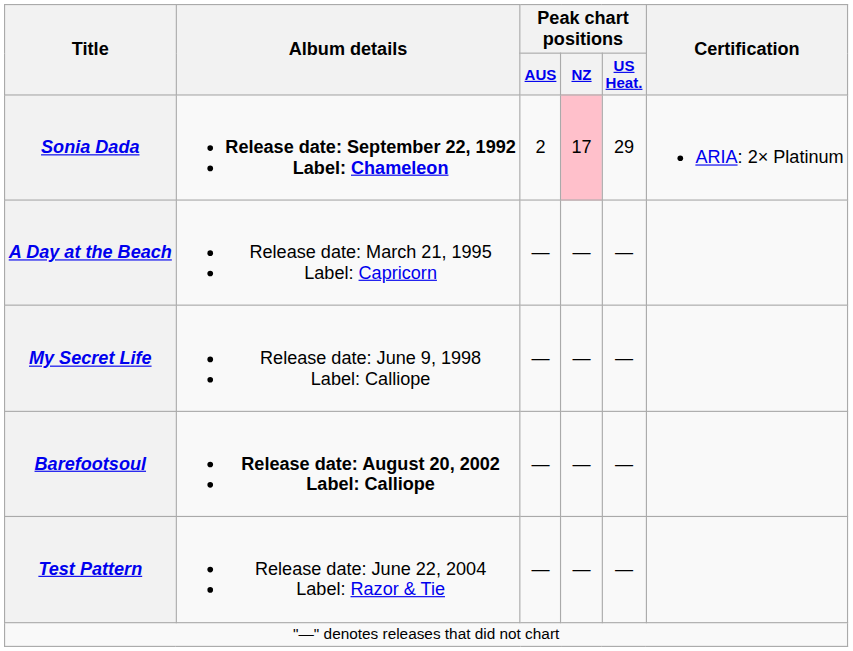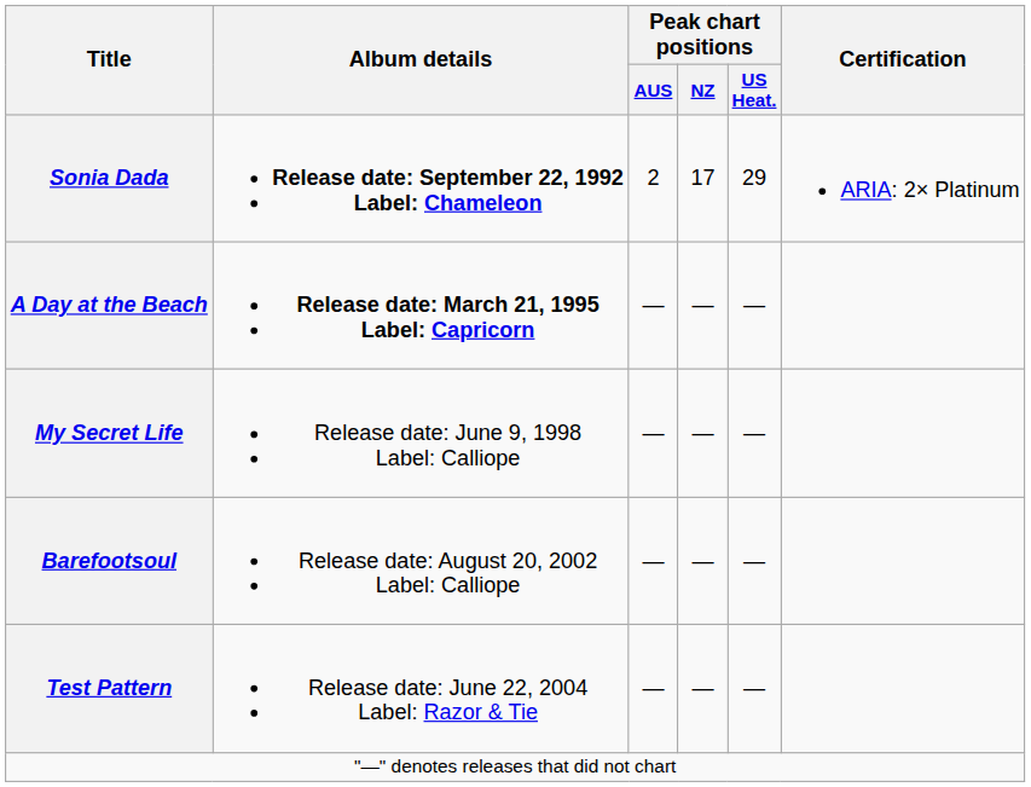 <table class="wikitable plainrowheaders" style="text-align:center;">
 <tr>
 <th rowspan="2">Title</th>
 <th rowspan="2">Album details</th>
 <th colspan="3">Peak chart<br>positions</th>
 <th rowspan="2">Certification</th>
 </tr>
 <tr style="font-size:smaller;">
 <th width="30"><a href='#'>AUS</a><br></th>
 <th width="30"><a href='#'>NZ</a><br></th>
 <th width="30"><a href='#'>US Heat.</a><br></th>
 </tr>
 <tr>
 <th scope="row"><em><a href='#'>Sonia Dada</a></em></th>
 <td><strong><br><ul><li>Release date: September 22, 1992</li><li>Label: <a href='#'>Chameleon</a></li></ul></strong></td>
 <td>2</td>
-<td style="background: pink;">17</td>
+<td>17</td>
 <td>29</td>
 <td><br><ul><li><a href='#'>ARIA</a>: 2× Platinum</li></ul></td>
 </tr>
 <tr>
 <th scope="row"><em><a href='#'>A Day at the Beach</a></em></th>
-<td><br><ul><li>Release date: March 21, 1995</li><li>Label: <a href='#'>Capricorn</a></li></ul></td>
+<td><strong><br><ul><li>Release date: March 21, 1995</li><li>Label: <a href='#'>Capricorn</a></li></ul></strong></td>
 <td>—</td>
 <td>—</td>
 <td>—</td>
 <td></td>
 </tr>
 <tr>
 <th scope="row"><em><a href='#'>My Secret Life</a></em></th>
 <td><br><ul><li>Release date: June 9, 1998</li><li>Label: Calliope</li></ul></td>
 <td>—</td>
 <td>—</td>
 <td>—</td>
 <td></td>
 </tr>
 <tr>
 <th scope="row"><em><a href='#'>Barefootsoul</a></em></th>
-<td><strong><br><ul><li>Release date: August 20, 2002</li><li>Label: Calliope</li></ul></strong></td>
+<td><br><ul><li>Release date: August 20, 2002</li><li>Label: Calliope</li></ul></td>
 <td>—</td>
 <td>—</td>
 <td>—</td>
 <td></td>
 </tr>
 <tr>
 <th scope="row"><em><a href='#'>Test Pattern</a></em></th>
 <td><br><ul><li>Release date: June 22, 2004</li><li>Label: <a href='#'>Razor & Tie</a></li></ul></td>
 <td>—</td>
 <td>—</td>
 <td>—</td>
 <td></td>
 </tr>
 <tr>
 <td colspan="10" style="font-size:85%">"—" denotes releases that did not chart</td>
 </tr>
 </table>
